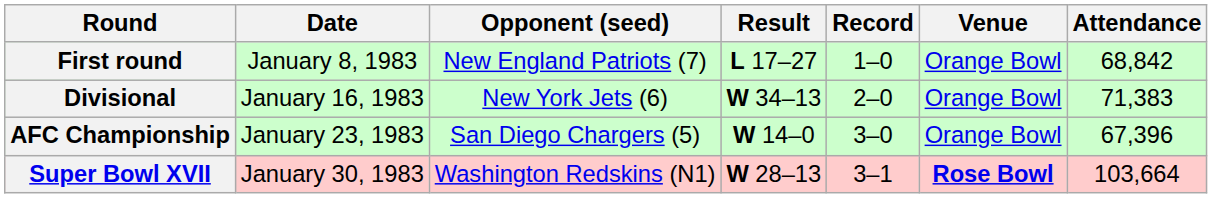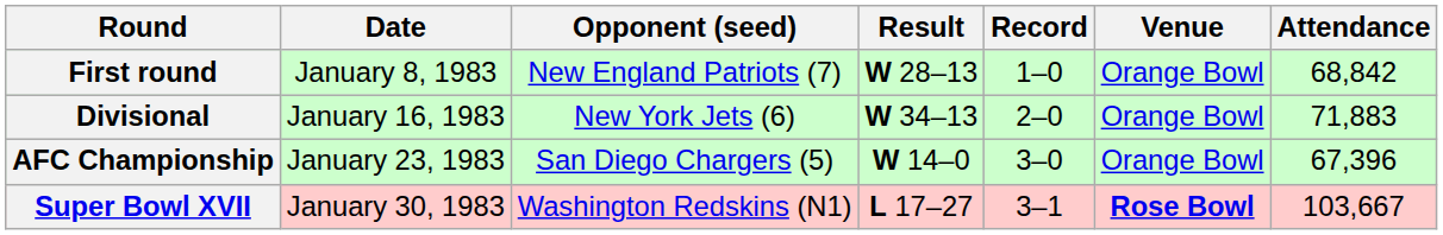 <table class="wikitable" style="text-align:center">
 <tr>
 <th>Round</th>
 <th>Date</th>
 <th>Opponent (seed)</th>
 <th>Result</th>
 <th>Record</th>
 <th>Venue</th>
 <th>Attendance</th>
 </tr>
 <tr style="background:#cfc">
 <th>First round</th>
 <td>January 8, 1983</td>
 <td><a href='#'>New England Patriots</a> (7)</td>
-<td><strong>L</strong> 17–27</td>
+<td><strong>W</strong> 28–13</td>
 <td>1–0</td>
 <td><a href='#'>Orange Bowl</a></td>
 <td>68,842</td>
 </tr>
 <tr style="background:#cfc">
 <th>Divisional</th>
 <td>January 16, 1983</td>
 <td><a href='#'>New York Jets</a> (6)</td>
 <td><strong>W</strong> 34–13</td>
 <td>2–0</td>
 <td><a href='#'>Orange Bowl</a></td>
-<td>71,383</td>
+<td>71,883</td>
 </tr>
 <tr style="background:#cfc">
 <th>AFC Championship</th>
 <td>January 23, 1983</td>
 <td><a href='#'>San Diego Chargers</a> (5)</td>
 <td><strong>W</strong> 14–0</td>
 <td>3–0</td>
 <td><a href='#'>Orange Bowl</a></td>
 <td>67,396</td>
 </tr>
 <tr style="background:#fcc">
 <th><a href='#'>Super Bowl XVII</a></th>
 <td>January 30, 1983</td>
 <td><a href='#'>Washington Redskins</a> (N1)</td>
-<td><strong>W</strong> 28–13</td>
+<td><strong>L</strong> 17–27</td>
 <td>3–1</td>
 <td><strong><a href='#'>Rose Bowl</a></strong></td>
-<td>103,664</td>
+<td>103,667</td>
 </tr>
 </table>
